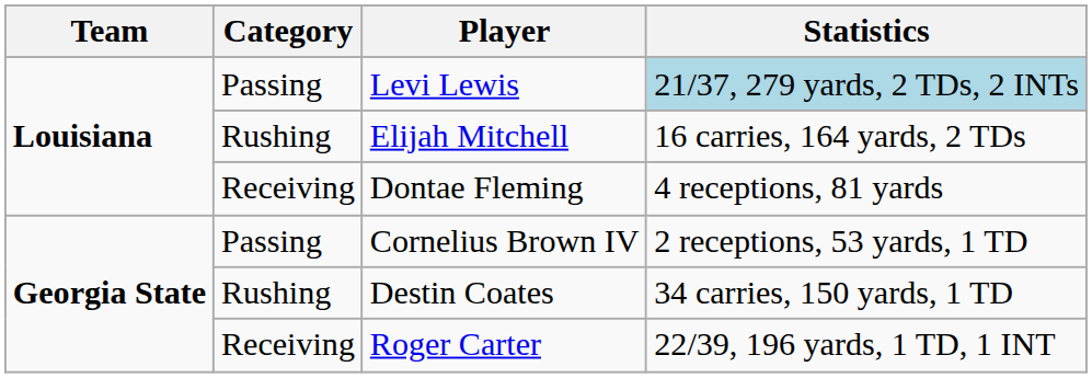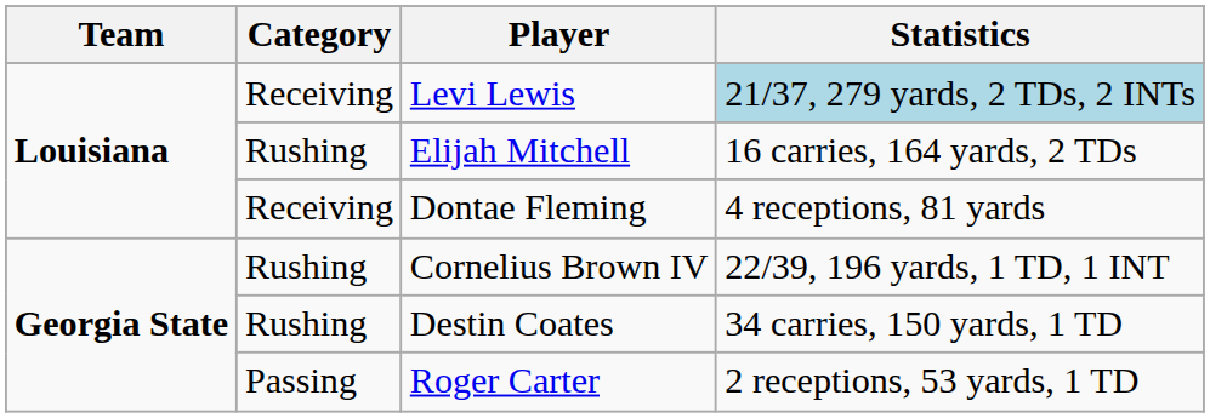 <table class="wikitable" style="float: left;">
 <tr>
 <th>Team</th>
 <th>Category</th>
 <th>Player</th>
 <th>Statistics</th>
 </tr>
 <tr>
 <td rowspan=3><strong>Louisiana</strong></td>
-<td>Passing</td>
+<td>Receiving</td>
 <td><a href='#'>Levi Lewis</a></td>
 <td style="background: lightblue;">21/37, 279 yards, 2 TDs, 2 INTs</td>
 </tr>
 <tr>
 <td>Rushing</td>
 <td><a href='#'>Elijah Mitchell</a></td>
 <td>16 carries, 164 yards, 2 TDs</td>
 </tr>
 <tr>
 <td>Receiving</td>
 <td>Dontae Fleming</td>
 <td>4 receptions, 81 yards</td>
 </tr>
 <tr>
 <td rowspan=3><strong>Georgia State</strong></td>
-<td>Passing</td>
+<td>Rushing</td>
 <td>Cornelius Brown IV</td>
-<td>2 receptions, 53 yards, 1 TD</td>
+<td>22/39, 196 yards, 1 TD, 1 INT</td>
 </tr>
 <tr>
 <td>Rushing</td>
 <td>Destin Coates</td>
 <td>34 carries, 150 yards, 1 TD</td>
 </tr>
 <tr>
-<td>Receiving</td>
+<td>Passing</td>
 <td><a href='#'>Roger Carter</a></td>
-<td>22/39, 196 yards, 1 TD, 1 INT</td>
+<td>2 receptions, 53 yards, 1 TD</td>
 </tr>
 </table>
